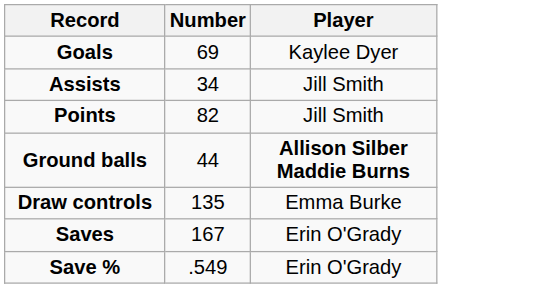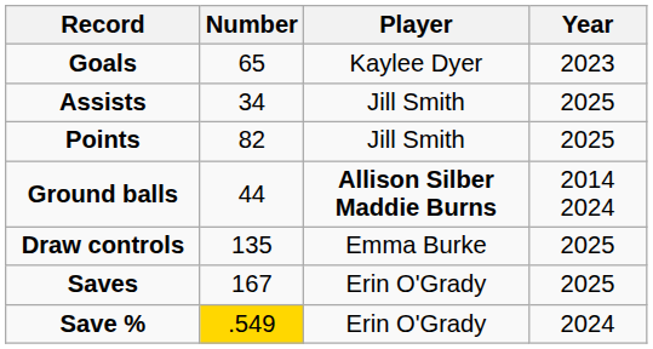 <table class="wikitable">
 <tr>
 <th style="width:120px; ">Record</th>
 <th style="width:35px; ">Number</th>
 <th style="width:140px; ">Player</th>
+<th style="width:70px; ">Year</th>
 </tr>
 <tr style="text-align:center;">
 <td><strong>Goals</strong></td>
-<td>69</td>
+<td>65</td>
 <td>Kaylee Dyer</td>
+<td>2023</td>
 </tr>
 <tr style="text-align:center;">
 <td><strong>Assists</strong></td>
 <td>34</td>
 <td>Jill Smith</td>
+<td>2025</td>
 </tr>
 <tr style="text-align:center;">
 <td><strong>Points</strong></td>
 <td>82</td>
 <td>Jill Smith</td>
+<td>2025</td>
 </tr>
 <tr style="text-align:center;">
 <td><strong>Ground balls</strong></td>
 <td>44</td>
 <td><strong>Allison Silber<br>Maddie Burns</strong></td>
+<td>2014<br>2024</td>
 </tr>
 <tr style="text-align:center;">
 <td><strong>Draw controls</strong></td>
 <td>135</td>
 <td>Emma Burke</td>
+<td>2025</td>
 </tr>
 <tr style="text-align:center;">
 <td><strong>Saves</strong></td>
 <td>167</td>
 <td>Erin O'Grady</td>
+<td>2025</td>
 </tr>
 <tr style="text-align:center;">
 <td><strong>Save %</strong></td>
-<td>.549</td>
+<td style="background: gold;">.549</td>
 <td>Erin O'Grady</td>
+<td>2024</td>
 </tr>
 </table>
